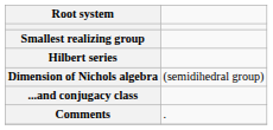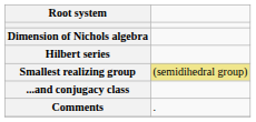 <table class="wikitable">
 <tr>
 <th>Root system</th>
 <td></td>
 </tr>
 <tr>
 <th></th>
 <td></td>
 </tr>
 <tr>
-<th>Smallest realizing group</th>
+<th>Dimension of Nichols algebra</th>
 <td></td>
 </tr>
 <tr>
 <th>Hilbert series</th>
 <td></td>
 </tr>
 <tr>
-<th>Dimension of Nichols algebra</th>
-<td> (semidihedral group)</td>
+<th>Smallest realizing group</th>
+<td style="background: khaki;"> (semidihedral group)</td>
 </tr>
 <tr>
 <th>...and conjugacy class</th>
 <td></td>
 </tr>
 <tr>
 <th>Comments</th>
 <td>.</td>
 </tr>
 <tr>
 </tr>
 </table>
